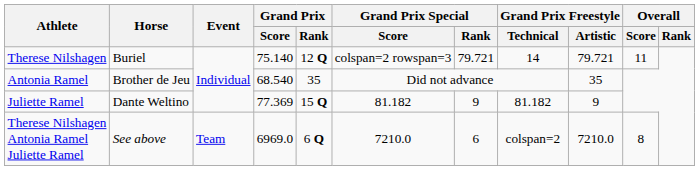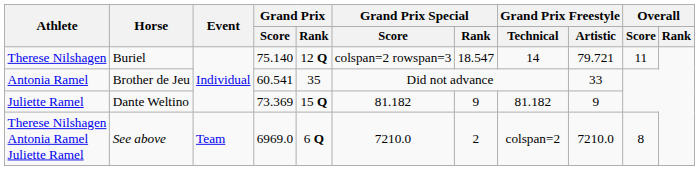 <table class=wikitable style=font-size:90%;>
 <tr>
 <th rowspan="2">Athlete</th>
 <th rowspan="2">Horse</th>
 <th rowspan="2">Event</th>
 <th colspan="2">Grand Prix</th>
 <th colspan="2">Grand Prix Special</th>
 <th colspan="2">Grand Prix Freestyle</th>
 <th colspan="2">Overall</th>
 </tr>
 <tr style="font-size:95%">
 <th>Score</th>
 <th>Rank</th>
 <th>Score</th>
 <th>Rank</th>
 <th>Technical</th>
 <th>Artistic</th>
 <th>Score</th>
 <th>Rank</th>
 </tr>
 <tr align=center>
 <td align=left><a href='#'>Therese Nilshagen</a></td>
 <td align=left>Buriel</td>
 <td rowspan=3 align=left><a href='#'>Individual</a></td>
 <td>75.140</td>
 <td>12 <strong>Q</strong></td>
 <td>colspan=2 rowspan=3 </td>
-<td>79.721</td>
+<td>18.547</td>
 <td>14</td>
 <td>79.721</td>
 <td>11</td>
 </tr>
 <tr align=center>
 <td align=left><a href='#'>Antonia Ramel</a></td>
 <td align=left>Brother de Jeu</td>
-<td>68.540</td>
+<td>60.541</td>
 <td>35</td>
 <td colspan=3>Did not advance</td>
-<td>35</td>
+<td>33</td>
 </tr>
 <tr align=center>
 <td align=left><a href='#'>Juliette Ramel</a></td>
 <td align=left>Dante Weltino</td>
-<td>77.369</td>
+<td>73.369</td>
 <td>15 <strong>Q</strong></td>
 <td>81.182</td>
 <td>9</td>
 <td>81.182</td>
 <td>9</td>
 </tr>
 <tr align=center>
 <td align=left><a href='#'>Therese Nilshagen</a><br><a href='#'>Antonia Ramel</a><br><a href='#'>Juliette Ramel</a></td>
 <td align=left><em>See above</em></td>
 <td align=left><a href='#'>Team</a></td>
 <td>6969.0</td>
 <td>6 <strong>Q</strong></td>
 <td>7210.0</td>
-<td>6</td>
+<td>2</td>
 <td>colspan=2 </td>
 <td>7210.0</td>
 <td>8</td>
 </tr>
 </table>
